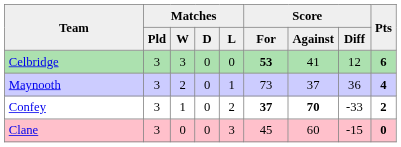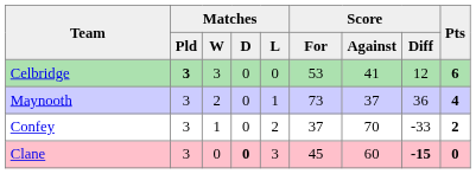 <table style=border-collapse:collapse border=1 cellspacing=0 cellpadding=5>
 <tr align=center bgcolor=#efefef>
 <th rowspan=2 width=165>Team</th>
 <th colspan=4>Matches</th>
 <th colspan=3>Score</th>
 <th rowspan=2width=20>Pts</th>
 </tr>
 <tr align=center bgcolor=#efefef>
 <th width=20>Pld</th>
 <th width=20>W</th>
 <th width=20>D</th>
 <th width=20>L</th>
 <th width=45>For</th>
 <th width=45>Against</th>
 <th width=30>Diff</th>
 </tr>
 <tr align=center style="background:#ACE1AF;">
 <td style="text-align:left;"><a href='#'>Celbridge</a></td>
-<td>3</td>
+<td><strong>3</strong></td>
 <td>3</td>
 <td>0</td>
 <td>0</td>
-<td><strong>53</strong></td>
+<td>53</td>
 <td>41</td>
 <td>12</td>
 <td><strong>6</strong></td>
 </tr>
 <tr align=center style="background:#ccccff;">
 <td style="text-align:left;"><a href='#'>Maynooth</a></td>
 <td>3</td>
 <td>2</td>
 <td>0</td>
 <td>1</td>
 <td>73</td>
 <td>37</td>
 <td>36</td>
 <td><strong>4</strong></td>
 </tr>
 <tr align=center>
 <td style="text-align:left;"><a href='#'>Confey</a></td>
 <td>3</td>
 <td>1</td>
 <td>0</td>
 <td>2</td>
-<td><strong>37</strong></td>
-<td><strong>70</strong></td>
+<td>37</td>
+<td>70</td>
 <td>-33</td>
 <td><strong>2</strong></td>
 </tr>
 <tr align=center style="background:#FFC0CB;">
 <td style="text-align:left;"><a href='#'>Clane</a></td>
 <td>3</td>
 <td>0</td>
-<td>0</td>
+<td><strong>0</strong></td>
 <td>3</td>
 <td>45</td>
 <td>60</td>
-<td>-15</td>
+<td><strong>-15</strong></td>
 <td><strong>0</strong></td>
 </tr>
 </table>
